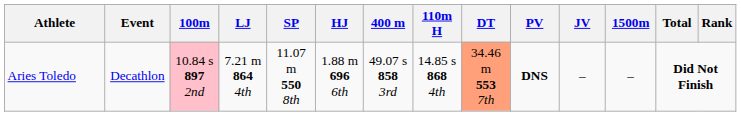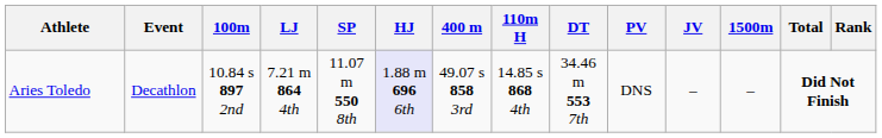 <table class="wikitable" width="90%" style="text-align:center; font-size:90%">
 <tr>
 <th width="15%">Athlete</th>
 <th width="9%">Event</th>
 <th width="7%"><a href='#'>100m</a></th>
 <th width="7%"><a href='#'>LJ</a></th>
 <th width="7%"><a href='#'>SP</a></th>
 <th width="7%"><a href='#'>HJ</a></th>
 <th width="7%"><a href='#'>400 m</a></th>
 <th width="7%"><a href='#'>110m H</a></th>
 <th width="7%"><a href='#'>DT</a></th>
 <th width="7%"><a href='#'>PV</a></th>
 <th width="7%"><a href='#'>JV</a></th>
 <th width="7%"><a href='#'>1500m</a></th>
 <th width="6%">Total</th>
 <th width="5%">Rank</th>
 </tr>
 <tr>
 <td style="text-align:left;"><a href='#'>Aries Toledo</a></td>
 <td rowspan="2" align="center"><a href='#'>Decathlon</a></td>
-<td align="center" style="background: pink;">10.84 s<br><strong>897</strong><br><em>2nd</em></td>
+<td align="center">10.84 s<br><strong>897</strong><br><em>2nd</em></td>
 <td align="center">7.21 m<br><strong>864</strong><br><em>4th</em></td>
 <td align="center">11.07 m<br><strong>550</strong><br><em>8th</em></td>
-<td align="center">1.88 m<br><strong>696</strong><br><em>6th</em></td>
+<td align="center" style="background: lavender;">1.88 m<br><strong>696</strong><br><em>6th</em></td>
 <td align="center">49.07 s<br><strong>858</strong><br><em>3rd</em></td>
 <td align="center">14.85 s<br><strong>868</strong><br><em>4th</em></td>
-<td align="center" style="background: lightsalmon;">34.46 m<br><strong>553</strong><br><em>7th</em></td>
-<td align="center"><strong>DNS</strong></td>
+<td align="center">34.46 m<br><strong>553</strong><br><em>7th</em></td>
+<td align="center">DNS</td>
 <td>–</td>
 <td>–</td>
 <td colspan="2"><strong>Did Not Finish</strong></td>
 </tr>
 </table>
